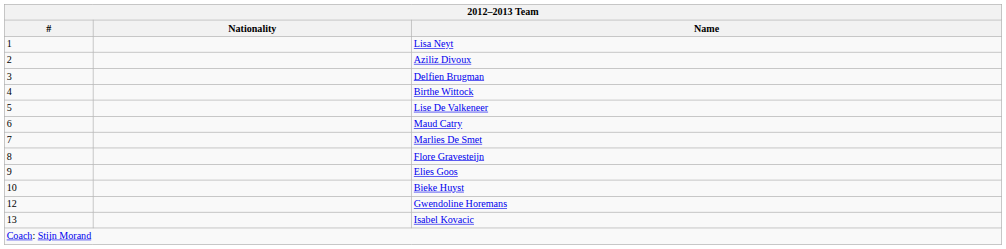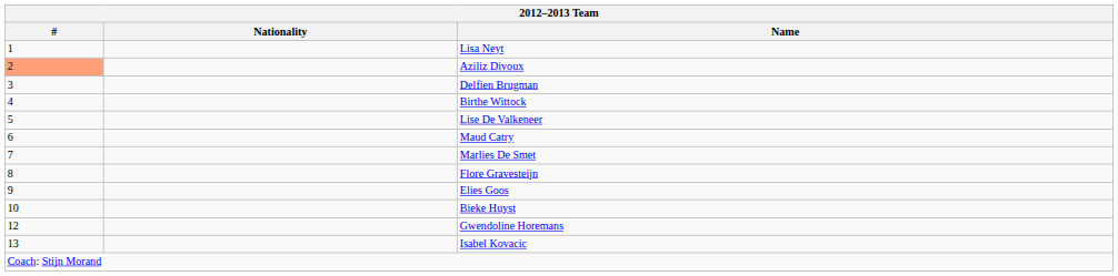 <table class="wikitable collapsible collapsed" style="width:100%;">
 <tr>
 <th colspan=3><strong>2012–2013 Team</strong></th>
 </tr>
 <tr>
 <th>#</th>
 <th>Nationality</th>
 <th>Name</th>
 </tr>
 <tr>
 <td>1</td>
 <td></td>
 <td><a href='#'>Lisa Neyt</a></td>
 </tr>
 <tr>
-<td>2</td>
+<td style="background: lightsalmon;">2</td>
 <td></td>
 <td><a href='#'>Aziliz Divoux</a></td>
 </tr>
 <tr>
 <td>3</td>
 <td></td>
 <td><a href='#'>Delfien Brugman</a></td>
 </tr>
 <tr>
 <td>4</td>
 <td></td>
 <td><a href='#'>Birthe Wittock</a></td>
 </tr>
 <tr>
 <td>5</td>
 <td></td>
 <td><a href='#'>Lise De Valkeneer</a></td>
 </tr>
 <tr>
 <td>6</td>
 <td></td>
 <td><a href='#'>Maud Catry</a></td>
 </tr>
 <tr>
 <td>7</td>
 <td></td>
 <td><a href='#'>Marlies De Smet</a></td>
 </tr>
 <tr>
 <td>8</td>
 <td></td>
 <td><a href='#'>Flore Gravesteijn</a></td>
 </tr>
 <tr>
 <td>9</td>
 <td></td>
 <td><a href='#'>Elies Goos</a></td>
 </tr>
 <tr>
 <td>10</td>
 <td></td>
 <td><a href='#'>Bieke Huyst</a></td>
 </tr>
 <tr>
 <td>12</td>
 <td></td>
 <td><a href='#'>Gwendoline Horemans</a></td>
 </tr>
 <tr>
 <td>13</td>
 <td></td>
 <td><a href='#'>Isabel Kovacic</a></td>
 </tr>
 <tr>
 <td colspan=3><a href='#'>Coach</a>:  <a href='#'>Stijn Morand</a></td>
 </tr>
 </table>
